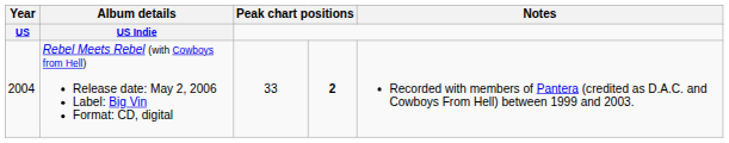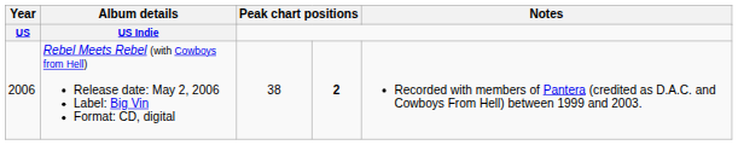 <table class="wikitable">
 <tr>
 <th rowspan="2" style="width:33px;">Year</th>
 <th rowspan="2" style="width:250px;">Album details</th>
 <th colspan="2">Peak chart positions</th>
 <th rowspan="2" style="width:30em;">Notes</th>
 </tr>
 <tr>
 </tr>
 <tr style="font-size:smaller;">
 <th width="40"><a href='#'>US</a><br></th>
 <th width="40"><a href='#'>US Indie</a></th>
 </tr>
 <tr>
-<td>2004</td>
+<td>2006</td>
 <td><em><a href='#'>Rebel Meets Rebel</a></em> <small>(with <a href='#'>Cowboys from Hell</a>)</small><br><ul><li>Release date: May 2, 2006</li><li>Label: <a href='#'>Big Vin</a></li><li>Format: CD, digital</li></ul></td>
-<td style="text-align:center;">33</td>
+<td style="text-align:center;">38</td>
 <td style="text-align:center;"><strong>2</strong></td>
 <td><br><ul><li>Recorded with members of <a href='#'>Pantera</a> (credited as D.A.C. and Cowboys From Hell) between 1999 and 2003.</li></ul></td>
 </tr>
 </table>
